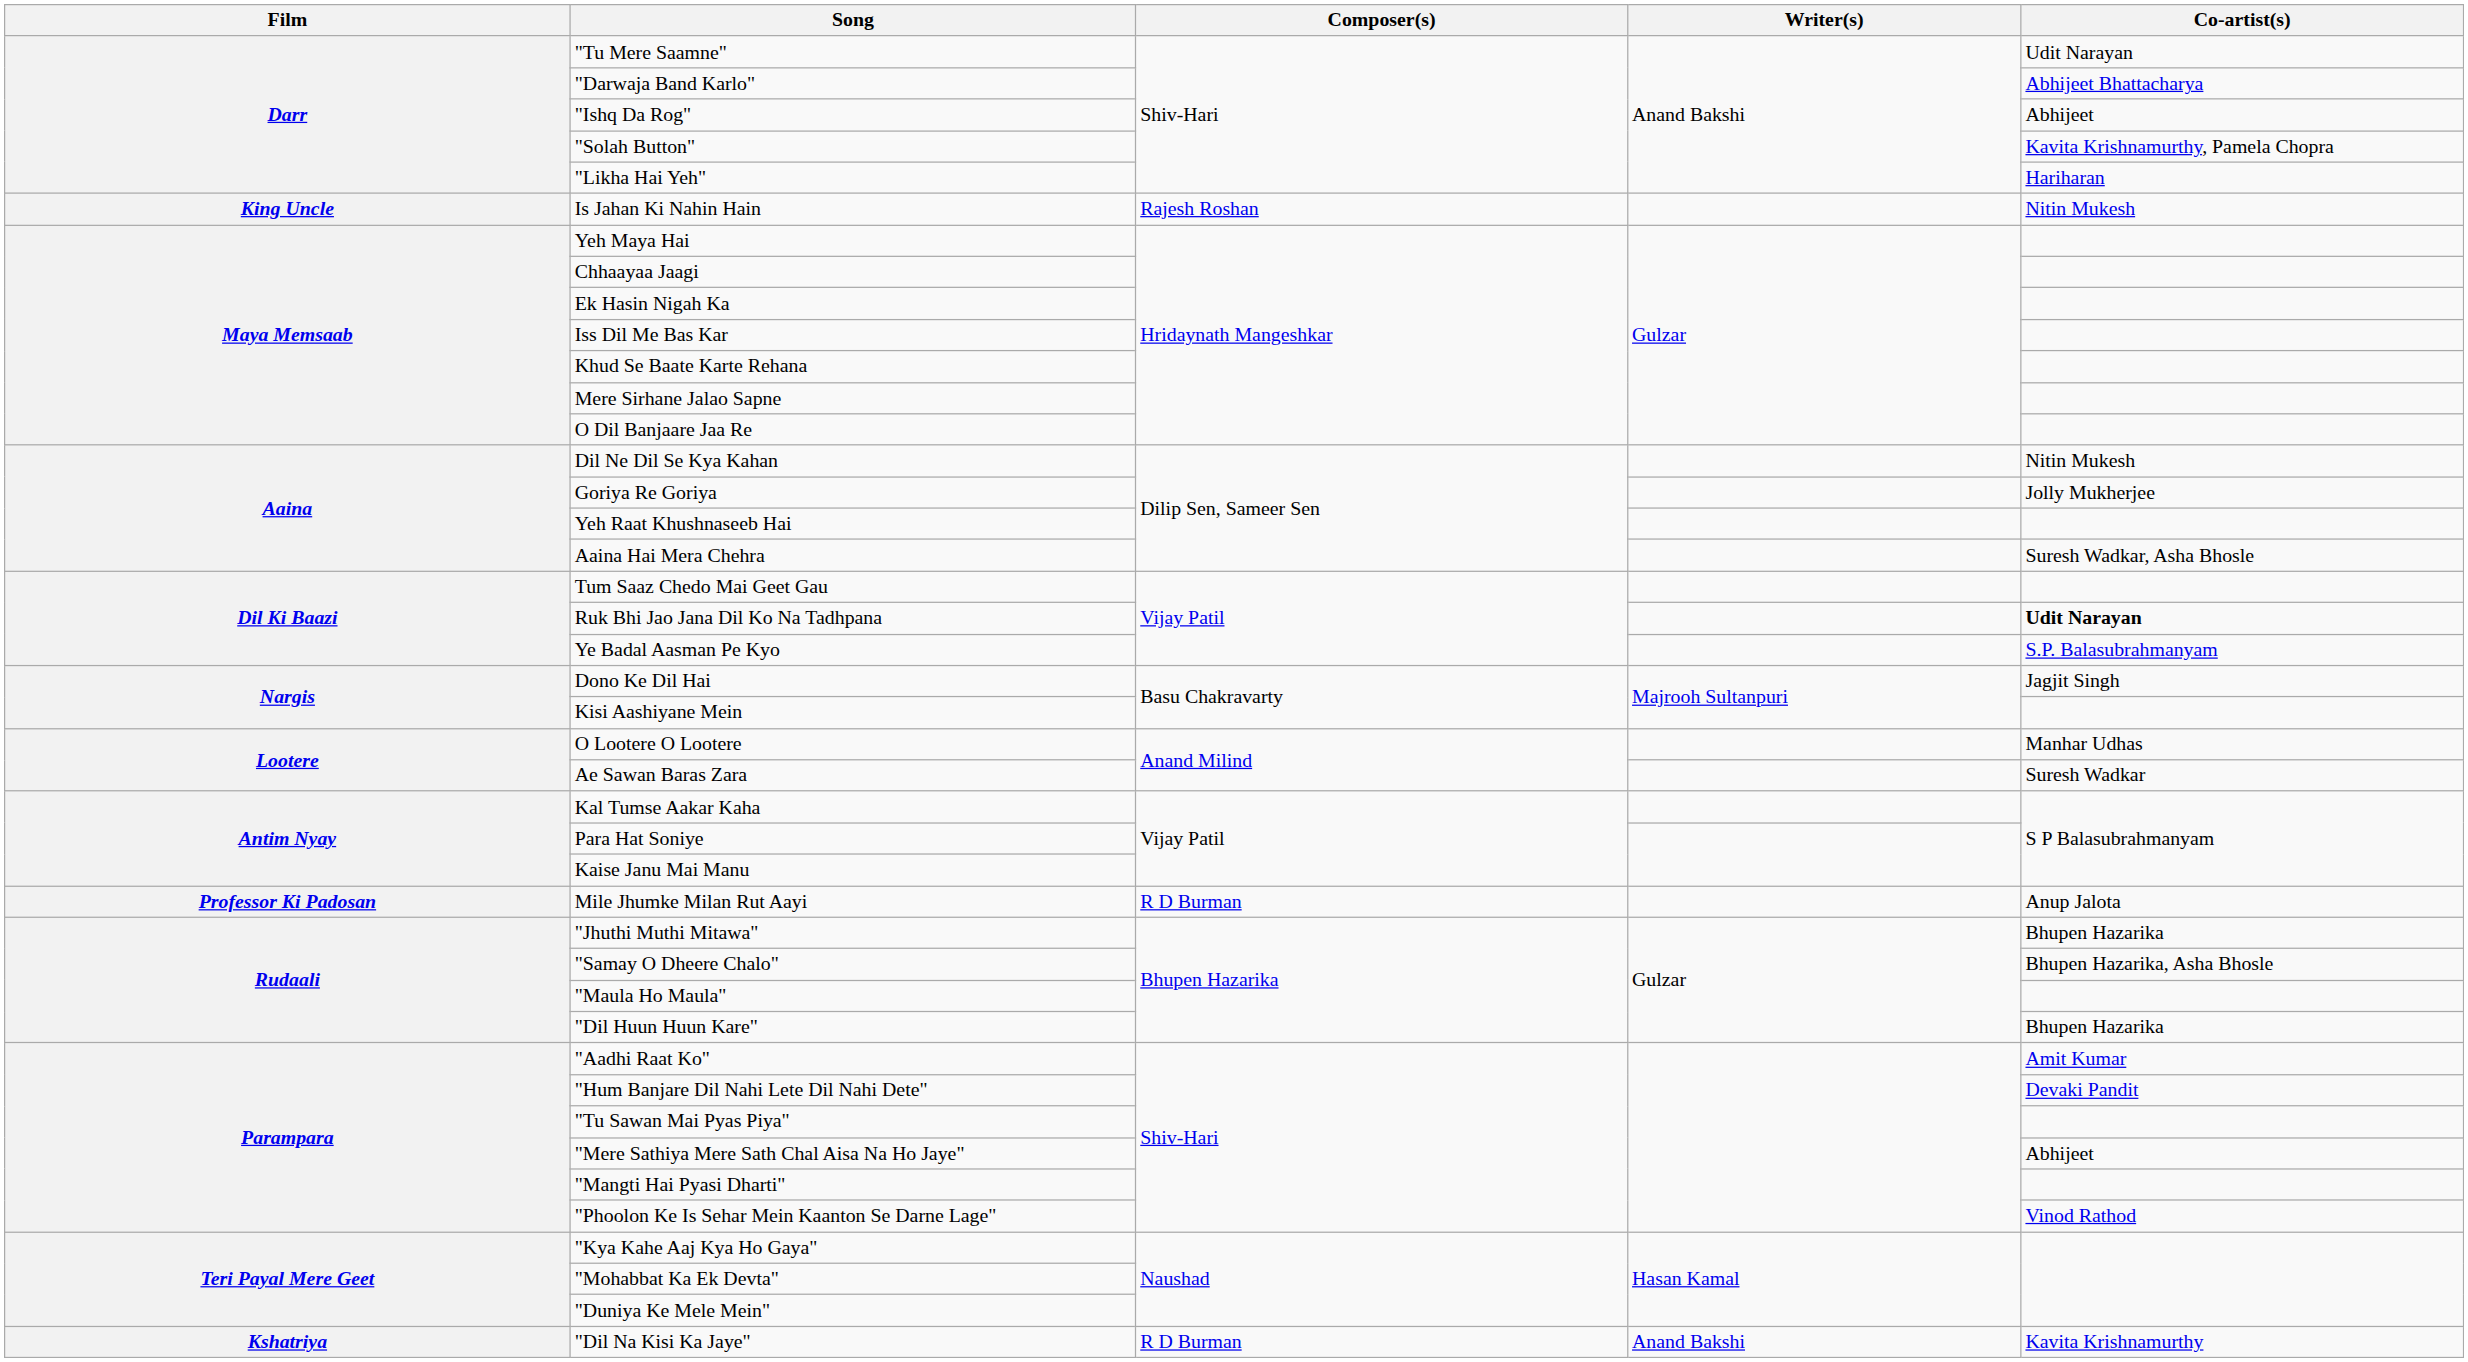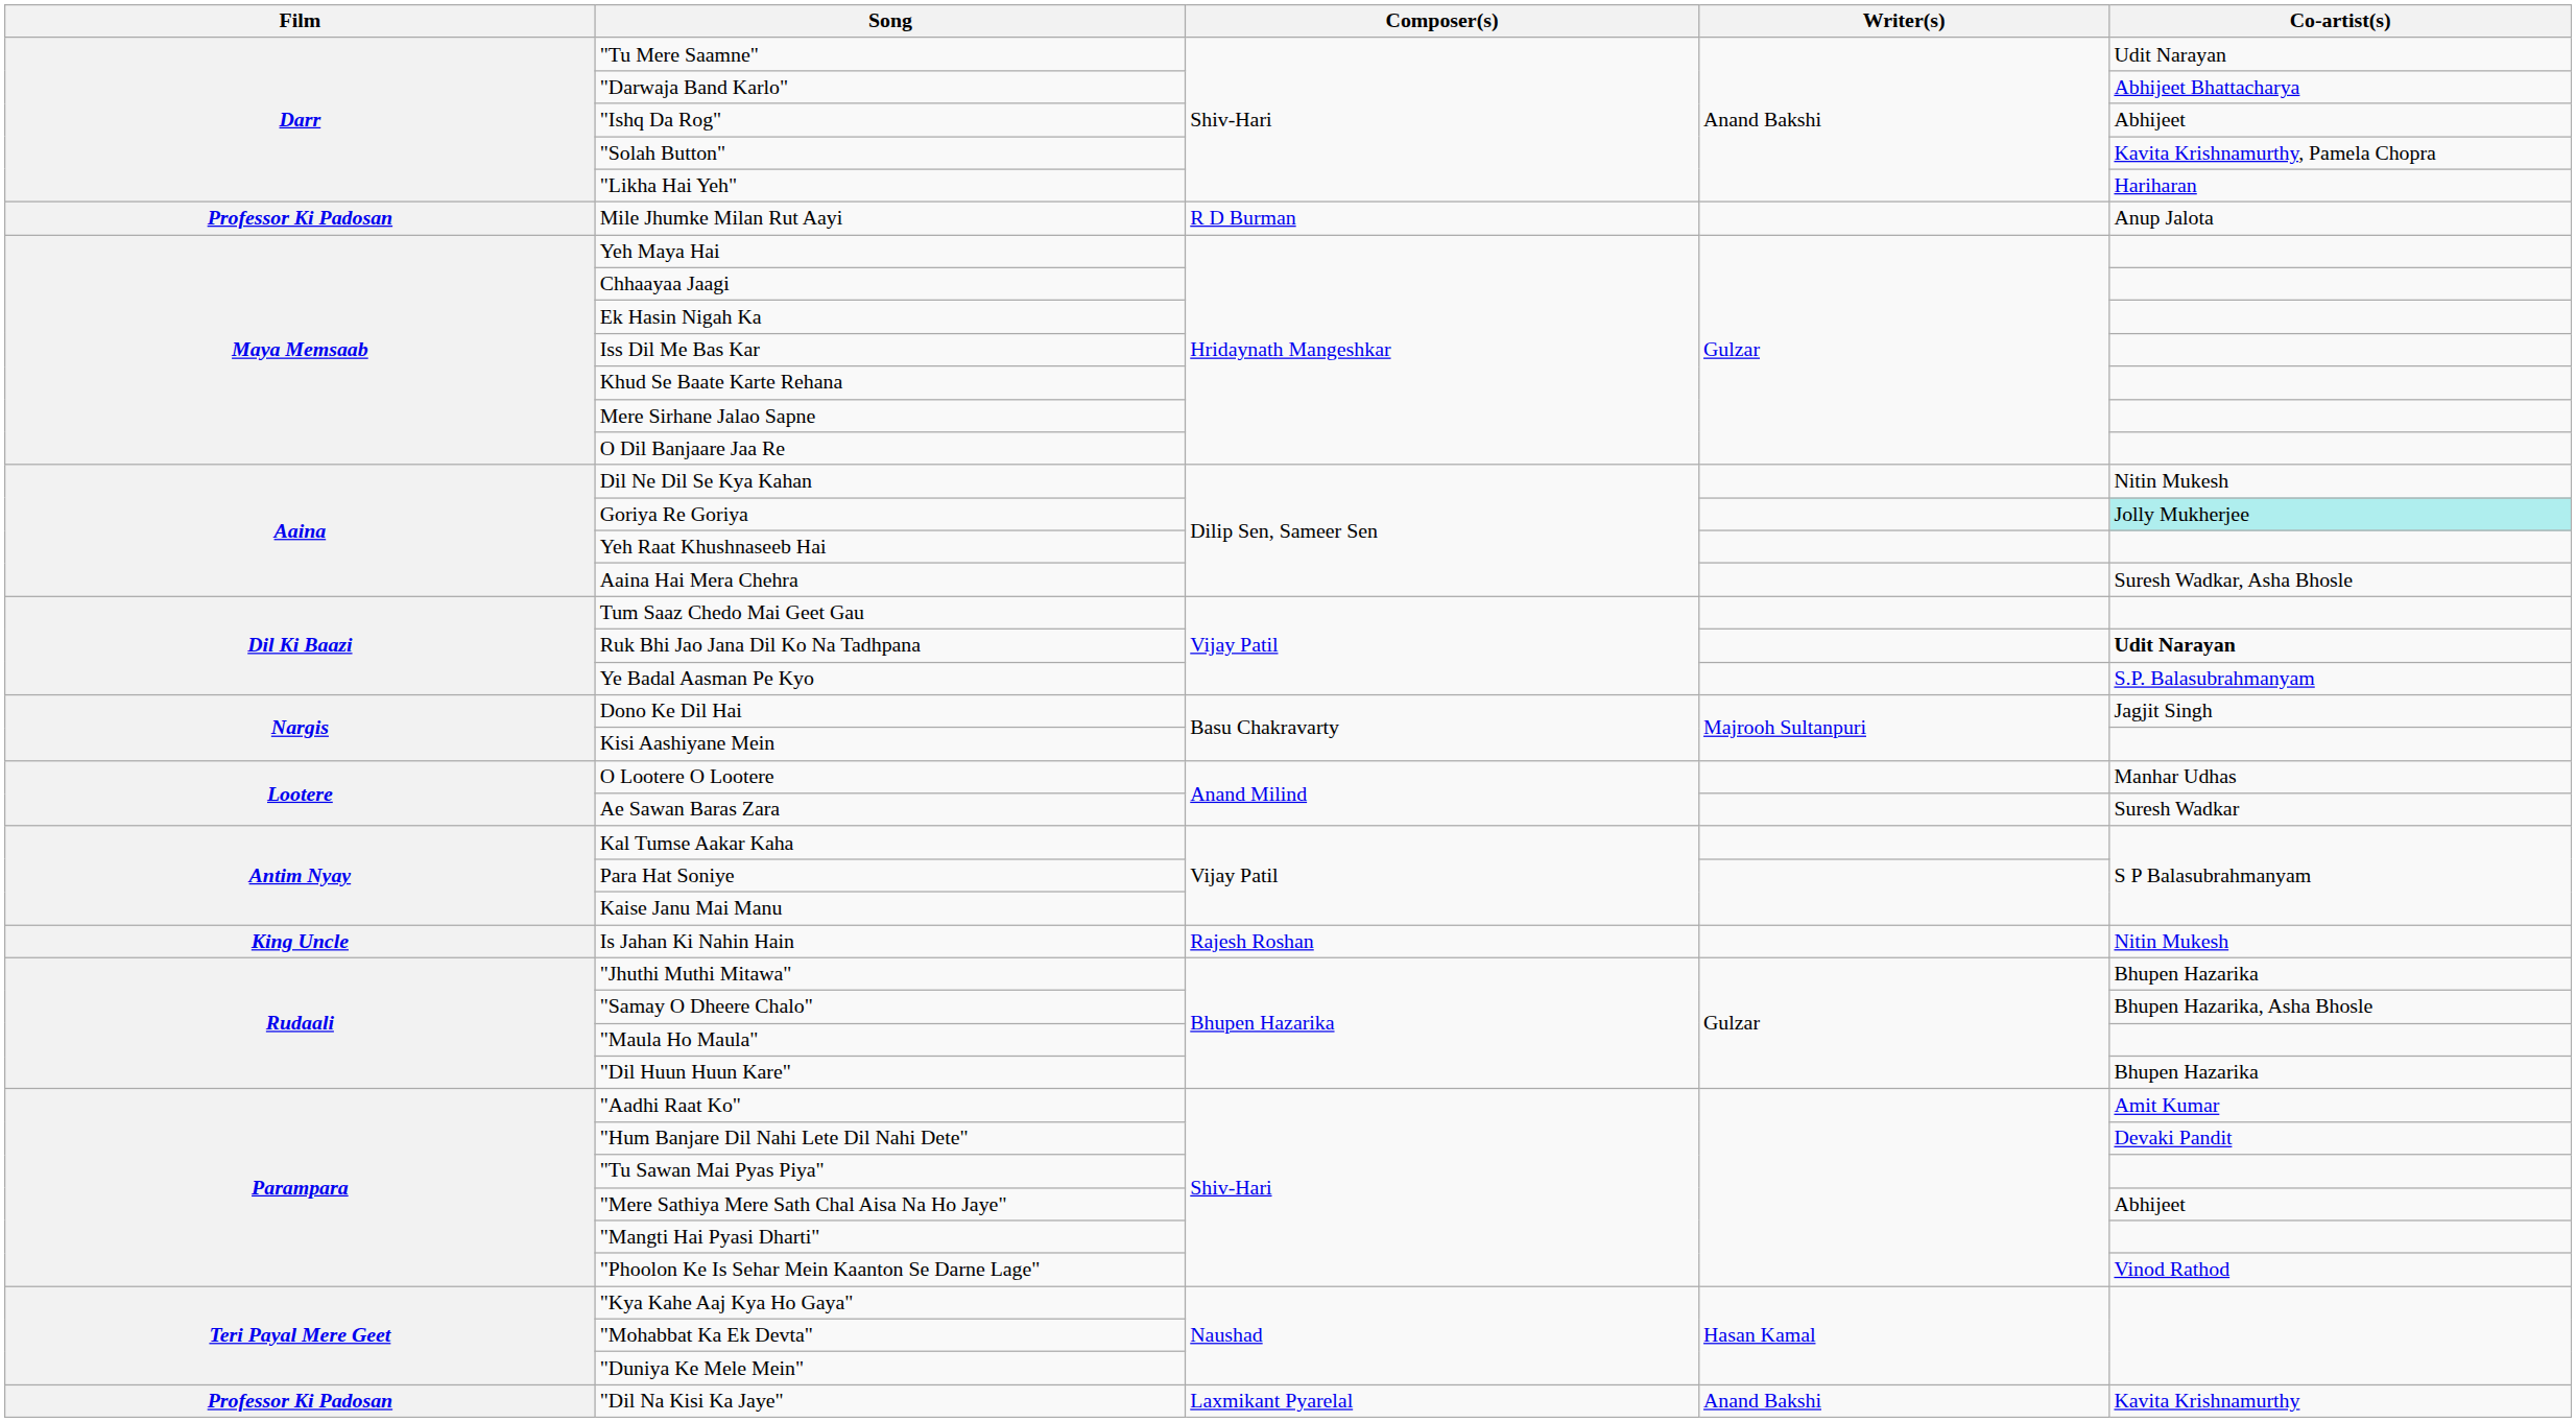 <table class="wikitable plainrowheaders" style="width:100%; textcolor:#000">
 <tr style="background:#b0e0e66;">
 <th scope="col" style="width:23%;"><strong>Film</strong></th>
 <th scope="col" style="width:23%;"><strong>Song</strong></th>
 <th scope="col" style="width:20%;"><strong>Composer(s)</strong></th>
 <th scope="col" style="width:16%;"><strong>Writer(s)</strong></th>
 <th scope="col" style="width:18%;"><strong>Co-artist(s)</strong></th>
 </tr>
 <tr>
 <th Rowspan=5><em><a href='#'>Darr</a></em></th>
 <td>"Tu Mere Saamne"</td>
 <td rowspan=5>Shiv-Hari</td>
 <td rowspan=5>Anand Bakshi</td>
 <td>Udit Narayan</td>
 </tr>
 <tr>
 <td>"Darwaja Band Karlo"</td>
 <td><a href='#'>Abhijeet Bhattacharya</a></td>
 </tr>
 <tr>
 <td>"Ishq Da Rog"</td>
 <td>Abhijeet</td>
 </tr>
 <tr>
 <td>"Solah Button"</td>
 <td><a href='#'>Kavita Krishnamurthy</a>, Pamela Chopra</td>
 </tr>
 <tr>
 <td>"Likha Hai Yeh"</td>
 <td><a href='#'>Hariharan</a></td>
 </tr>
 <tr>
-<th><em><a href='#'>King Uncle</a></em></th>
-<td>Is Jahan Ki Nahin Hain</td>
-<td><a href='#'>Rajesh Roshan</a></td>
+<th><em><a href='#'>Professor Ki Padosan</a></em></th>
+<td>Mile Jhumke Milan Rut Aayi</td>
+<td><a href='#'>R D Burman</a></td>
 <td></td>
-<td><a href='#'>Nitin Mukesh</a></td>
+<td>Anup Jalota</td>
 </tr>
 <tr>
 <th Rowspan=7><em><a href='#'>Maya Memsaab</a></em></th>
 <td>Yeh Maya Hai</td>
 <td rowspan=7><a href='#'>Hridaynath Mangeshkar</a></td>
 <td rowspan=7><a href='#'>Gulzar</a></td>
 <td></td>
 </tr>
 <tr>
 <td>Chhaayaa Jaagi</td>
 <td></td>
 </tr>
 <tr>
 <td>Ek Hasin Nigah Ka</td>
 <td></td>
 </tr>
 <tr>
 <td>Iss Dil Me Bas Kar</td>
 <td></td>
 </tr>
 <tr>
 <td>Khud Se Baate Karte Rehana</td>
 <td></td>
 </tr>
 <tr>
 <td>Mere Sirhane Jalao Sapne</td>
 <td></td>
 </tr>
 <tr>
 <td>O Dil Banjaare Jaa Re</td>
 <td></td>
 </tr>
 <tr>
 <th Rowspan=4><em><a href='#'>Aaina</a></em></th>
 <td>Dil Ne Dil Se Kya Kahan</td>
 <td rowspan=4>Dilip Sen, Sameer Sen</td>
 <td></td>
 <td>Nitin Mukesh</td>
 </tr>
 <tr>
 <td>Goriya Re Goriya</td>
 <td></td>
-<td>Jolly Mukherjee</td>
+<td style="background: paleturquoise;">Jolly Mukherjee</td>
 </tr>
 <tr>
 <td>Yeh Raat Khushnaseeb Hai</td>
 <td></td>
 <td></td>
 </tr>
 <tr>
 <td>Aaina Hai Mera Chehra</td>
 <td></td>
 <td>Suresh Wadkar,  Asha Bhosle</td>
 </tr>
 <tr>
 <th Rowspan=3><em><a href='#'>Dil Ki Baazi</a></em></th>
 <td>Tum Saaz Chedo Mai Geet Gau</td>
 <td rowspan=3><a href='#'>Vijay Patil</a></td>
 <td></td>
 <td></td>
 </tr>
 <tr>
 <td>Ruk Bhi Jao Jana Dil Ko Na Tadhpana</td>
 <td></td>
 <td><strong>Udit Narayan</strong></td>
 </tr>
 <tr>
 <td>Ye Badal Aasman Pe Kyo</td>
 <td></td>
 <td><a href='#'>S.P. Balasubrahmanyam</a></td>
 </tr>
 <tr>
 <th Rowspan=2><em><a href='#'>Nargis</a></em></th>
 <td>Dono Ke Dil Hai</td>
 <td rowspan=2>Basu Chakravarty</td>
 <td rowspan=2><a href='#'>Majrooh Sultanpuri</a></td>
 <td>Jagjit Singh</td>
 </tr>
 <tr>
 <td>Kisi Aashiyane Mein</td>
 <td></td>
 </tr>
 <tr>
 <th rowspan=2><em><a href='#'>Lootere</a></em></th>
 <td>O Lootere O Lootere</td>
 <td rowspan=2><a href='#'>Anand Milind</a></td>
 <td></td>
 <td>Manhar Udhas</td>
 </tr>
 <tr>
 <td>Ae Sawan Baras Zara</td>
 <td></td>
 <td>Suresh Wadkar</td>
 </tr>
 <tr>
 <th Rowspan=3><em><a href='#'>Antim Nyay</a></em></th>
 <td>Kal Tumse Aakar Kaha</td>
 <td rowspan=3>Vijay Patil</td>
 <td></td>
 <td rowspan=3>S P Balasubrahmanyam</td>
 </tr>
 <tr>
 <td>Para Hat Soniye</td>
 </tr>
 <tr>
 <td>Kaise Janu Mai Manu</td>
 </tr>
 <tr>
-<th><em><a href='#'>Professor Ki Padosan</a></em></th>
-<td>Mile Jhumke Milan Rut Aayi</td>
-<td><a href='#'>R D Burman</a></td>
+<th><em><a href='#'>King Uncle</a></em></th>
+<td>Is Jahan Ki Nahin Hain</td>
+<td><a href='#'>Rajesh Roshan</a></td>
 <td></td>
-<td>Anup Jalota</td>
+<td><a href='#'>Nitin Mukesh</a></td>
 </tr>
 <tr>
 <th Rowspan=4><em><a href='#'>Rudaali</a></em></th>
 <td>"Jhuthi Muthi Mitawa"</td>
 <td rowspan=4><a href='#'>Bhupen Hazarika</a></td>
 <td rowspan=4>Gulzar</td>
 <td>Bhupen Hazarika</td>
 </tr>
 <tr>
 <td>"Samay O Dheere Chalo"</td>
 <td>Bhupen Hazarika, Asha Bhosle</td>
 </tr>
 <tr>
 <td>"Maula Ho Maula"</td>
 <td></td>
 </tr>
 <tr>
 <td>"Dil Huun Huun Kare"</td>
 <td>Bhupen Hazarika</td>
 </tr>
 <tr>
 <th Rowspan=6><em><a href='#'>Parampara</a></em></th>
 <td>"Aadhi Raat Ko"</td>
 <td rowspan=6><a href='#'>Shiv-Hari</a></td>
 <td rowspan=6></td>
 <td><a href='#'>Amit Kumar</a></td>
 </tr>
 <tr>
 <td>"Hum Banjare Dil Nahi Lete Dil Nahi Dete"</td>
 <td><a href='#'>Devaki Pandit</a></td>
 </tr>
 <tr>
 <td>"Tu Sawan Mai Pyas Piya"</td>
 <td></td>
 </tr>
 <tr>
 <td>"Mere Sathiya Mere Sath Chal Aisa Na Ho Jaye"</td>
 <td>Abhijeet</td>
 </tr>
 <tr>
 <td>"Mangti Hai Pyasi Dharti"</td>
 <td></td>
 </tr>
 <tr>
 <td>"Phoolon Ke Is Sehar Mein Kaanton Se Darne Lage"</td>
 <td><a href='#'>Vinod Rathod</a></td>
 </tr>
 <tr>
 <th Rowspan=3><em><a href='#'>Teri Payal Mere Geet</a></em></th>
 <td>"Kya Kahe Aaj Kya Ho Gaya"</td>
 <td rowspan=3><a href='#'>Naushad</a></td>
 <td rowspan=3><a href='#'>Hasan Kamal</a></td>
 <td rowspan=3></td>
 </tr>
 <tr>
 <td>"Mohabbat Ka Ek Devta"</td>
 </tr>
 <tr>
 <td>"Duniya Ke Mele Mein"</td>
 </tr>
 <tr>
-<th><em><a href='#'>Kshatriya</a></em></th>
+<th><em><a href='#'>Professor Ki Padosan</a></em></th>
 <td>"Dil Na Kisi Ka Jaye"</td>
-<td><a href='#'>R D Burman</a></td>
+<td><a href='#'>Laxmikant Pyarelal</a></td>
 <td><a href='#'>Anand Bakshi</a></td>
 <td><a href='#'>Kavita Krishnamurthy</a></td>
 </tr>
 </table>
